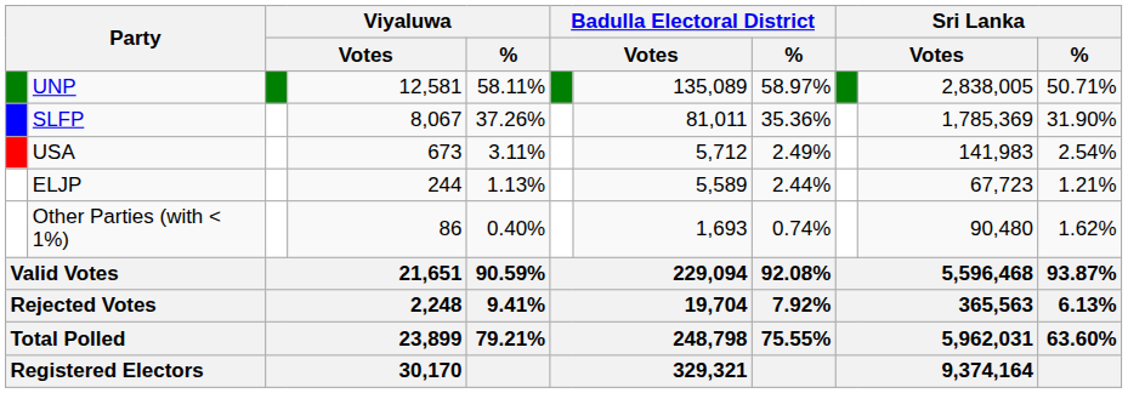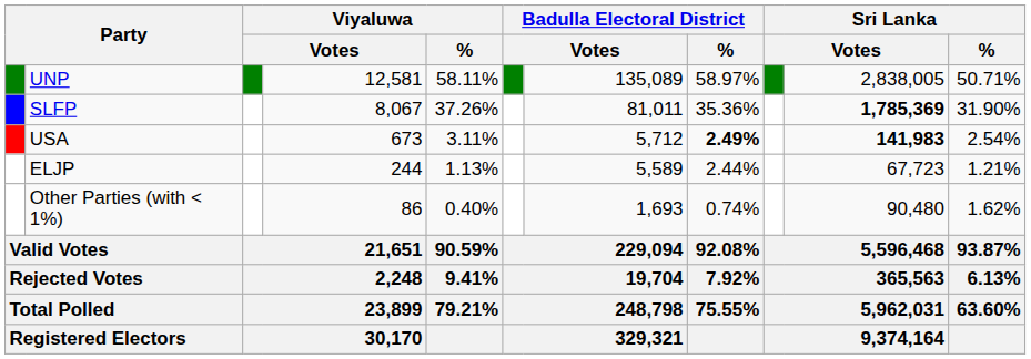 <table class="wikitable">
 <tr>
 <th colspan="2" width="144px"rowspan="2">Party</th>
 <th colspan="3" width="216px">Viyaluwa</th>
 <th colspan="3" width="216px"><a href='#'>Badulla Electoral District</a></th>
 <th colspan="3" width="216px">Sri Lanka</th>
 </tr>
 <tr>
 <th colspan="2" width="144px">Votes</th>
 <th>%</th>
 <th colspan="2" width="144px">Votes</th>
 <th>%</th>
 <th colspan="2" width="144px">Votes</th>
 <th>%</th>
 </tr>
 <tr>
 <td style="background-color:green;" width="10px"></td>
 <td style="text-align:left;"><a href='#'>UNP</a></td>
 <td style="background-color:green;" width="10px"></td>
 <td style="text-align:right;">12,581</td>
 <td style="text-align:right;">58.11%</td>
 <td style="background-color:green;" width="10px"></td>
 <td style="text-align:right;">135,089</td>
 <td style="text-align:right;">58.97%</td>
 <td style="background-color:green;" width="10px"></td>
 <td style="text-align:right;">2,838,005</td>
 <td style="text-align:right;">50.71%</td>
 </tr>
 <tr>
 <td style="background-color:blue;" width="10px"></td>
 <td style="text-align:left;"><a href='#'>SLFP</a></td>
 <td style="background-color:white;" width="10px"></td>
 <td style="text-align:right;">8,067</td>
 <td style="text-align:right;">37.26%</td>
 <td style="background-color:white;" width="10px"></td>
 <td style="text-align:right;">81,011</td>
 <td style="text-align:right;">35.36%</td>
 <td style="background-color:white;" width="10px"></td>
-<td style="text-align:right;">1,785,369</td>
+<td style="text-align:right;"><strong>1,785,369</strong></td>
 <td style="text-align:right;">31.90%</td>
 </tr>
 <tr>
 <td style="background-color:red;" width="10px"></td>
 <td style="text-align:left;">USA</td>
 <td style="background-color:white;" width="10px"></td>
 <td style="text-align:right;">673</td>
 <td style="text-align:right;">3.11%</td>
 <td style="background-color:white;" width="10px"></td>
 <td style="text-align:right;">5,712</td>
-<td style="text-align:right;">2.49%</td>
+<td style="text-align:right;"><strong>2.49%</strong></td>
 <td style="background-color:white;" width="10px"></td>
-<td style="text-align:right;">141,983</td>
+<td style="text-align:right;"><strong>141,983</strong></td>
 <td style="text-align:right;">2.54%</td>
 </tr>
 <tr>
 <td style="background-color:white;" width="10px"></td>
 <td style="text-align:left;">ELJP</td>
 <td style="background-color:white;" width="10px"></td>
 <td style="text-align:right;">244</td>
 <td style="text-align:right;">1.13%</td>
 <td style="background-color:white;" width="10px"></td>
 <td style="text-align:right;">5,589</td>
 <td style="text-align:right;">2.44%</td>
 <td style="background-color:white;" width="10px"></td>
 <td style="text-align:right;">67,723</td>
 <td style="text-align:right;">1.21%</td>
 </tr>
 <tr>
 <td style="background-color:white;" width="10px"></td>
 <td style="text-align:left;">Other Parties (with < 1%)</td>
 <td style="background-color:white;" width="10px"></td>
 <td style="text-align:right;">86</td>
 <td style="text-align:right;">0.40%</td>
 <td style="background-color:white;" width="10px"></td>
 <td style="text-align:right;">1,693</td>
 <td style="text-align:right;">0.74%</td>
 <td style="background-color:white;" width="10px"></td>
 <td style="text-align:right;">90,480</td>
 <td style="text-align:right;">1.62%</td>
 </tr>
 <tr>
 <th colspan="2" width="144px"style="text-align:left;">Valid Votes</th>
 <th style="text-align:right;"colspan="2" width="144px">21,651</th>
 <th style="text-align:right;">90.59%</th>
 <th style="text-align:right;"colspan="2" width="144px">229,094</th>
 <th style="text-align:right;">92.08%</th>
 <th style="text-align:right;"colspan="2" width="144px">5,596,468</th>
 <th style="text-align:right;">93.87%</th>
 </tr>
 <tr>
 <th colspan="2" width="144px"style="text-align:left;">Rejected Votes</th>
 <th style="text-align:right;"colspan="2" width="144px">2,248</th>
 <th style="text-align:right;">9.41%</th>
 <th style="text-align:right;"colspan="2" width="144px">19,704</th>
 <th style="text-align:right;">7.92%</th>
 <th style="text-align:right;"colspan="2" width="144px">365,563</th>
 <th style="text-align:right;">6.13%</th>
 </tr>
 <tr>
 <th colspan="2" width="144px"style="text-align:left;">Total Polled</th>
 <th style="text-align:right;"colspan="2" width="144px">23,899</th>
 <th style="text-align:right;">79.21%</th>
 <th style="text-align:right;"colspan="2" width="144px">248,798</th>
 <th style="text-align:right;">75.55%</th>
 <th style="text-align:right;"colspan="2" width="144px">5,962,031</th>
 <th style="text-align:right;">63.60%</th>
 </tr>
 <tr>
 <th colspan="2" width="144px"style="text-align:left;">Registered Electors</th>
 <th style="text-align:right;"colspan="2" width="144px">30,170</th>
 <th></th>
 <th style="text-align:right;"colspan="2" width="144px">329,321</th>
 <th></th>
 <th style="text-align:right;"colspan="2" width="144px">9,374,164</th>
 <th></th>
 </tr>
 </table>
